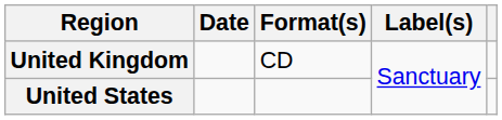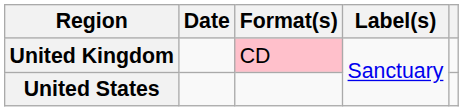 <table class="wikitable plainrowheaders">
 <tr>
 <th scope="col">Region</th>
 <th scope="col">Date</th>
 <th scope="col">Format(s)</th>
 <th scope="col">Label(s)</th>
 <th scope="col"></th>
 </tr>
 <tr>
 <th scope="row">United Kingdom</th>
 <td></td>
-<td>CD</td>
+<td style="background: pink;">CD</td>
 <td rowspan="2"><a href='#'>Sanctuary</a></td>
 <td align="center"></td>
 </tr>
 <tr>
 <th scope="row">United States</th>
 <td></td>
 <td></td>
 <td align="center"></td>
 </tr>
 </table>
